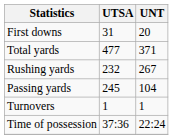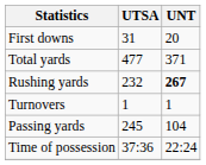 <table class="wikitable">
 <tr>
 <th>Statistics</th>
 <th>UTSA</th>
 <th>UNT</th>
 </tr>
 <tr>
 <td>First downs</td>
 <td>31</td>
 <td>20</td>
 </tr>
 <tr>
 <td>Total yards</td>
 <td>477</td>
 <td>371</td>
 </tr>
 <tr>
 <td>Rushing yards</td>
 <td>232</td>
-<td>267</td>
+<td><strong>267</strong></td>
+</tr>
+<tr>
+<td>Turnovers</td>
+<td>1</td>
+<td>1</td>
 </tr>
 <tr>
 <td>Passing yards</td>
 <td>245</td>
 <td>104</td>
-</tr>
-<tr>
-<td>Turnovers</td>
-<td>1</td>
-<td>1</td>
 </tr>
 <tr>
 <td>Time of possession</td>
 <td>37:36</td>
 <td>22:24</td>
 </tr>
 <tr>
 </tr>
 </table>
